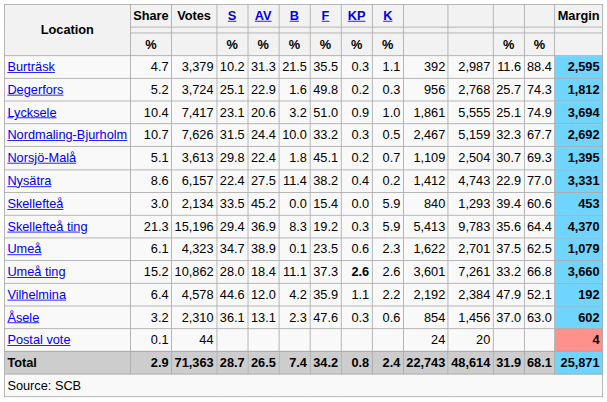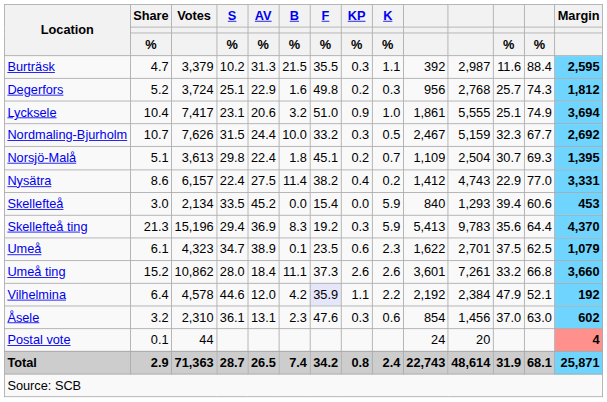 <table class="wikitable sortable" style="text-align:right; font-size:95%; line-height:20px;">
 <tr>
 <th rowspan="3">Location</th>
 <th>Share</th>
 <th>Votes</th>
 <th width="30px" class="unsortable"><a href='#'>S</a></th>
 <th width="30px" class="unsortable"><a href='#'>AV</a></th>
 <th width="30px" class="unsortable"><a href='#'>B</a></th>
 <th width="30px" class="unsortable"><a href='#'>F</a></th>
 <th width="30px" class="unsortable"><a href='#'>KP</a></th>
 <th width="30px" class="unsortable"><a href='#'>K</a></th>
 <th></th>
 <th></th>
 <th></th>
 <th></th>
 <th>Margin</th>
 </tr>
 <tr>
 <th></th>
 <th></th>
 <th style="background:"></th>
 <th style="background:"></th>
 <th style="background:"></th>
 <th style="background:"></th>
 <th style="background:"></th>
 <th style="background:"></th>
 <th style="background:"></th>
 <th style="background:"></th>
 <th style="background:"></th>
 <th style="background:"></th>
 <th></th>
 </tr>
 <tr>
 <th data-sort-type="number">%</th>
 <th></th>
 <th data-sort-type="number">%</th>
 <th data-sort-type="number">%</th>
 <th data-sort-type="number">%</th>
 <th data-sort-type="number">%</th>
 <th data-sort-type="number">%</th>
 <th data-sort-type="number">%</th>
 <th></th>
 <th></th>
 <th data-sort-type="number">%</th>
 <th data-sort-type="number">%</th>
 <th></th>
 </tr>
 <tr>
 <td align=left><a href='#'>Burträsk</a></td>
 <td>4.7</td>
 <td>3,379</td>
 <td>10.2</td>
 <td>31.3</td>
 <td>21.5</td>
 <td>35.5</td>
 <td>0.3</td>
 <td>1.1</td>
 <td>392</td>
 <td>2,987</td>
 <td>11.6</td>
 <td>88.4</td>
 <td bgcolor=#6fd5fe><strong>2,595</strong></td>
 </tr>
 <tr>
 <td align=left><a href='#'>Degerfors</a></td>
 <td>5.2</td>
 <td>3,724</td>
 <td>25.1</td>
 <td>22.9</td>
 <td>1.6</td>
 <td>49.8</td>
 <td>0.2</td>
 <td>0.3</td>
 <td>956</td>
 <td>2,768</td>
 <td>25.7</td>
 <td>74.3</td>
 <td bgcolor=#6fd5fe><strong>1,812</strong></td>
 </tr>
 <tr>
 <td align=left><a href='#'>Lycksele</a></td>
 <td>10.4</td>
 <td>7,417</td>
 <td>23.1</td>
 <td>20.6</td>
 <td>3.2</td>
 <td>51.0</td>
 <td>0.9</td>
 <td>1.0</td>
 <td>1,861</td>
 <td>5,555</td>
 <td>25.1</td>
 <td>74.9</td>
 <td bgcolor=#6fd5fe><strong>3,694</strong></td>
 </tr>
 <tr>
 <td align=left><a href='#'>Nordmaling-Bjurholm</a></td>
 <td>10.7</td>
 <td>7,626</td>
 <td>31.5</td>
 <td>24.4</td>
 <td>10.0</td>
 <td>33.2</td>
 <td>0.3</td>
 <td>0.5</td>
 <td>2,467</td>
 <td>5,159</td>
 <td>32.3</td>
 <td>67.7</td>
 <td bgcolor=#6fd5fe><strong>2,692</strong></td>
 </tr>
 <tr>
 <td align=left><a href='#'>Norsjö-Malå</a></td>
 <td>5.1</td>
 <td>3,613</td>
 <td>29.8</td>
 <td>22.4</td>
 <td>1.8</td>
 <td>45.1</td>
 <td>0.2</td>
 <td>0.7</td>
 <td>1,109</td>
 <td>2,504</td>
 <td>30.7</td>
 <td>69.3</td>
 <td bgcolor=#6fd5fe><strong>1,395</strong></td>
 </tr>
 <tr>
 <td align=left><a href='#'>Nysätra</a></td>
 <td>8.6</td>
 <td>6,157</td>
 <td>22.4</td>
 <td>27.5</td>
 <td>11.4</td>
 <td>38.2</td>
 <td>0.4</td>
 <td>0.2</td>
 <td>1,412</td>
 <td>4,743</td>
 <td>22.9</td>
 <td>77.0</td>
 <td bgcolor=#6fd5fe><strong>3,331</strong></td>
 </tr>
 <tr>
 <td align=left><a href='#'>Skellefteå</a></td>
 <td>3.0</td>
 <td>2,134</td>
 <td>33.5</td>
 <td>45.2</td>
 <td>0.0</td>
 <td>15.4</td>
 <td>0.0</td>
 <td>5.9</td>
 <td>840</td>
 <td>1,293</td>
 <td>39.4</td>
 <td>60.6</td>
 <td bgcolor=#6fd5fe><strong>453</strong></td>
 </tr>
 <tr>
 <td align=left><a href='#'>Skellefteå ting</a></td>
 <td>21.3</td>
 <td>15,196</td>
 <td>29.4</td>
 <td>36.9</td>
 <td>8.3</td>
 <td>19.2</td>
 <td>0.3</td>
 <td>5.9</td>
 <td>5,413</td>
 <td>9,783</td>
 <td>35.6</td>
 <td>64.4</td>
 <td bgcolor=#6fd5fe><strong>4,370</strong></td>
 </tr>
 <tr>
 <td align=left><a href='#'>Umeå</a></td>
 <td>6.1</td>
 <td>4,323</td>
 <td>34.7</td>
 <td>38.9</td>
 <td>0.1</td>
 <td>23.5</td>
 <td>0.6</td>
 <td>2.3</td>
 <td>1,622</td>
 <td>2,701</td>
 <td>37.5</td>
 <td>62.5</td>
 <td bgcolor=#6fd5fe><strong>1,079</strong></td>
 </tr>
 <tr>
 <td align=left><a href='#'>Umeå ting</a></td>
 <td>15.2</td>
 <td>10,862</td>
 <td>28.0</td>
 <td>18.4</td>
 <td>11.1</td>
 <td>37.3</td>
-<td><strong>2.6</strong></td>
+<td>2.6</td>
 <td>2.6</td>
 <td>3,601</td>
 <td>7,261</td>
 <td>33.2</td>
 <td>66.8</td>
 <td bgcolor=#6fd5fe><strong>3,660</strong></td>
 </tr>
 <tr>
 <td align=left><a href='#'>Vilhelmina</a></td>
 <td>6.4</td>
 <td>4,578</td>
 <td>44.6</td>
 <td>12.0</td>
 <td>4.2</td>
-<td>35.9</td>
+<td style="background: lavender;">35.9</td>
 <td>1.1</td>
 <td>2.2</td>
 <td>2,192</td>
 <td>2,384</td>
 <td>47.9</td>
 <td>52.1</td>
 <td bgcolor=#6fd5fe><strong>192</strong></td>
 </tr>
 <tr>
 <td align=left><a href='#'>Åsele</a></td>
 <td>3.2</td>
 <td>2,310</td>
 <td>36.1</td>
 <td>13.1</td>
 <td>2.3</td>
 <td>47.6</td>
 <td>0.3</td>
 <td>0.6</td>
 <td>854</td>
 <td>1,456</td>
 <td>37.0</td>
 <td>63.0</td>
 <td bgcolor=#6fd5fe><strong>602</strong></td>
 </tr>
 <tr>
 <td align=left><a href='#'>Postal vote</a></td>
 <td>0.1</td>
 <td>44</td>
 <td></td>
 <td></td>
 <td></td>
 <td></td>
 <td></td>
 <td></td>
 <td>24</td>
 <td>20</td>
 <td></td>
 <td></td>
 <td bgcolor=#ff908c><strong>4</strong></td>
 </tr>
 <tr>
 </tr>
 <tr style="background:#CDCDCD;">
 <td align=left><strong>Total</strong></td>
 <td><strong>2.9</strong></td>
 <td><strong>71,363</strong></td>
 <td><strong>28.7</strong></td>
 <td><strong>26.5</strong></td>
 <td><strong>7.4</strong></td>
 <td><strong>34.2</strong></td>
 <td><strong>0.8</strong></td>
 <td><strong>2.4</strong></td>
 <td><strong>22,743</strong></td>
 <td><strong>48,614</strong></td>
 <td><strong>31.9</strong></td>
 <td><strong>68.1</strong></td>
 <td bgcolor=#6fd5fe><strong>25,871</strong></td>
 </tr>
 <tr>
 <td align=left colspan=14>Source: SCB </td>
 </tr>
 </table>
